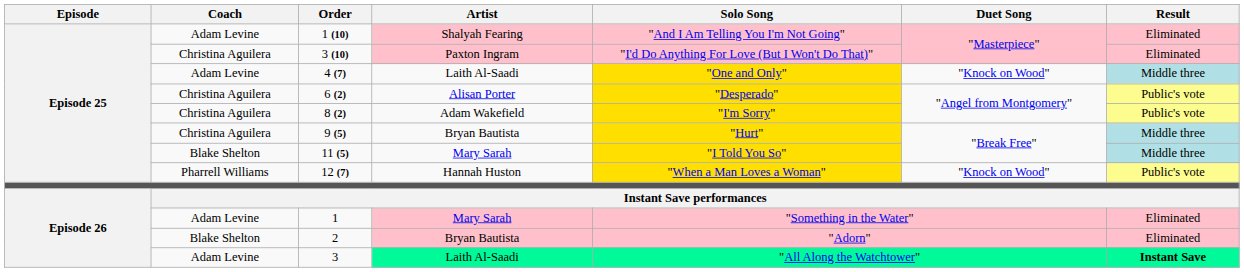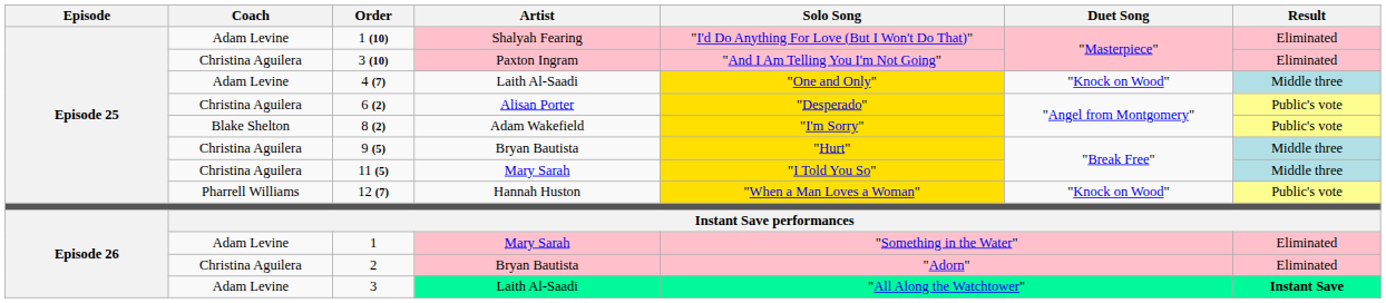 <table class="wikitable" style="text-align:center; width:100%;">
 <tr>
 <th style="width:10%;">Episode</th>
 <th style="width:10%;">Coach</th>
 <th style="width:05%;">Order</th>
 <th style="width:15%;">Artist</th>
 <th style="width:21%;">Solo Song</th>
 <th style="width:14%;">Duet Song</th>
 <th style="width:9%;">Result</th>
 </tr>
 <tr>
 <th rowspan="8" scope="row">Episode 25<br><small></small></th>
 <td>Adam Levine</td>
 <td>1 <small><strong>(10)</strong></small></td>
 <td style="background:Pink;">Shalyah Fearing</td>
-<td style="background:Pink;">"<a href='#'>And I Am Telling You I'm Not Going</a>"</td>
+<td style="background:Pink;">"<a href='#'>I'd Do Anything For Love (But I Won't Do That)</a>"</td>
 <td rowspan="2" style="background:Pink;">"<a href='#'>Masterpiece</a>"</td>
 <td style="background:Pink;">Eliminated</td>
 </tr>
 <tr>
 <td>Christina Aguilera</td>
 <td>3 <small><strong>(10)</strong></small></td>
 <td style="background:Pink;">Paxton Ingram</td>
-<td style="background:Pink;">"<a href='#'>I'd Do Anything For Love (But I Won't Do That)</a>"</td>
+<td style="background:Pink;">"<a href='#'>And I Am Telling You I'm Not Going</a>"</td>
 <td style="background:Pink;">Eliminated</td>
 </tr>
 <tr>
 <td>Adam Levine</td>
 <td>4 <small><strong>(7)</strong></small></td>
 <td>Laith Al-Saadi</td>
 <td style="background:#fedf00;">"<a href='#'>One and Only</a>"</td>
 <td>"<a href='#'>Knock on Wood</a>"</td>
 <td style="background:#B0E0E6;">Middle three</td>
 </tr>
 <tr>
 <td>Christina Aguilera</td>
 <td>6 <small><strong>(2)</strong></small></td>
 <td><a href='#'>Alisan Porter</a></td>
 <td style="background:#fedf00;">"<a href='#'>Desperado</a>"</td>
 <td rowspan="2">"<a href='#'>Angel from Montgomery</a>"</td>
 <td style="background:#fdfc8f;">Public's vote</td>
 </tr>
 <tr>
-<td>Christina Aguilera</td>
+<td>Blake Shelton</td>
 <td>8 <small><strong>(2)</strong></small></td>
 <td>Adam Wakefield</td>
 <td style="background:#fedf00;">"<a href='#'>I'm Sorry</a>"</td>
 <td style="background:#fdfc8f;">Public's vote</td>
 </tr>
 <tr>
 <td>Christina Aguilera</td>
 <td>9 <small><strong>(5)</strong></small></td>
 <td>Bryan Bautista</td>
 <td style="background:#fedf00;">"<a href='#'>Hurt</a>"</td>
 <td rowspan="2">"<a href='#'>Break Free</a>"</td>
 <td style="background:#B0E0E6;">Middle three</td>
 </tr>
 <tr>
-<td>Blake Shelton</td>
+<td>Christina Aguilera</td>
 <td>11 <small><strong>(5)</strong></small></td>
 <td><a href='#'>Mary Sarah</a></td>
 <td style="background:#fedf00;">"<a href='#'>I Told You So</a>"</td>
 <td style="background:#B0E0E6;">Middle three</td>
 </tr>
 <tr>
 <td>Pharrell Williams</td>
 <td>12 <small><strong>(7)</strong></small></td>
 <td>Hannah Huston</td>
 <td style="background:#fedf00;">"<a href='#'>When a Man Loves a Woman</a>"</td>
 <td>"<a href='#'>Knock on Wood</a>"</td>
 <td style="background:#fdfc8f;">Public's vote</td>
 </tr>
 <tr>
 <td colspan="7" style="background:#555;"></td>
 </tr>
 <tr>
 <th rowspan="5" scope="row">Episode 26<br><small></small></th>
 </tr>
 <tr>
 <th colspan="6">Instant Save performances</th>
 </tr>
 <tr>
 <td>Adam Levine</td>
 <td>1</td>
 <td style="background:Pink;"><a href='#'>Mary Sarah</a></td>
 <td style="background:Pink;" colspan="2">"<a href='#'>Something in the Water</a>"</td>
 <td style="background:Pink;">Eliminated</td>
 </tr>
 <tr>
-<td>Blake Shelton</td>
+<td>Christina Aguilera</td>
 <td>2</td>
 <td style="background:Pink;">Bryan Bautista</td>
 <td style="background:Pink;" colspan="2">"<a href='#'>Adorn</a>"</td>
 <td style="background:Pink;">Eliminated</td>
 </tr>
 <tr>
 <td>Adam Levine</td>
 <td>3</td>
 <td style="background:#00FA9A;">Laith Al-Saadi</td>
 <td style="background:#00FA9A;" colspan="2">"<a href='#'>All Along the Watchtower</a>"</td>
 <td style="background:#00FA9A;"><strong>Instant Save</strong></td>
 </tr>
 </table>
